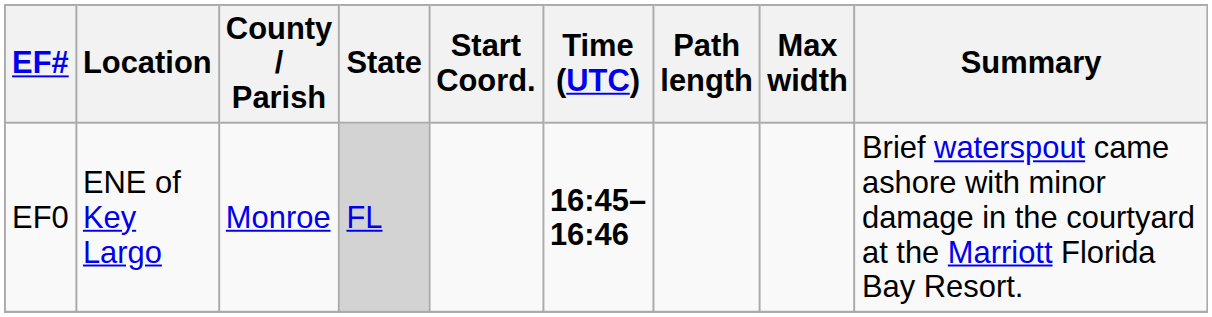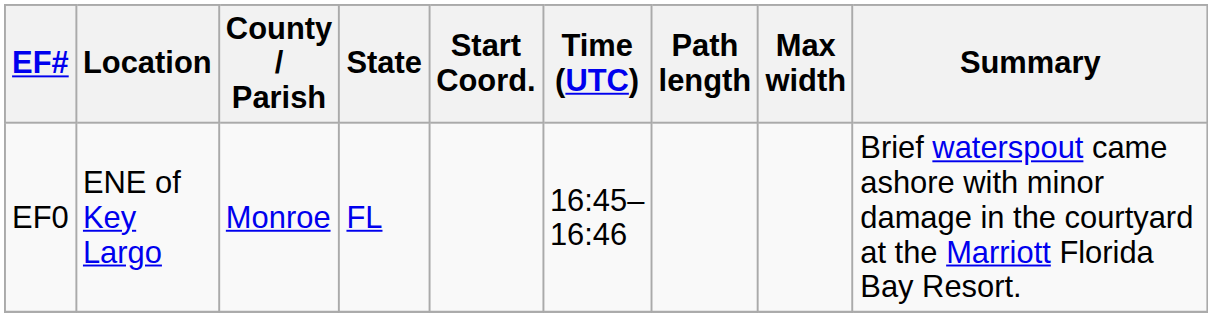 <table class="wikitable sortable" style="width:100%;">
 <tr>
 <th scope="col" width="3%" align="center"><a href='#'>EF#</a></th>
 <th scope="col" width="7%" align="center" class="unsortable">Location</th>
 <th scope="col" width="6%" align="center" class="unsortable">County / Parish</th>
 <th scope="col" width="5%" align="center">State</th>
 <th scope="col" width="6%" align="center">Start Coord.</th>
 <th scope="col" width="6%" align="center">Time (<a href='#'>UTC</a>)</th>
 <th scope="col" width="6%" align="center">Path length</th>
 <th scope="col" width="6%" align="center">Max width</th>
 <th scope="col" width="48%" class="unsortable" align="center">Summary</th>
 </tr>
 <tr>
 <td>EF0</td>
 <td>ENE of <a href='#'>Key Largo</a></td>
 <td><a href='#'>Monroe</a></td>
-<td style="background: lightgrey;"><a href='#'>FL</a></td>
+<td><a href='#'>FL</a></td>
 <td></td>
-<td><strong>16:45–16:46</strong></td>
+<td>16:45–16:46</td>
 <td></td>
 <td></td>
 <td>Brief <a href='#'>waterspout</a> came ashore with minor damage in the courtyard at the <a href='#'>Marriott</a> Florida Bay Resort.</td>
 </tr>
 <tr>
 </tr>
 </table>
